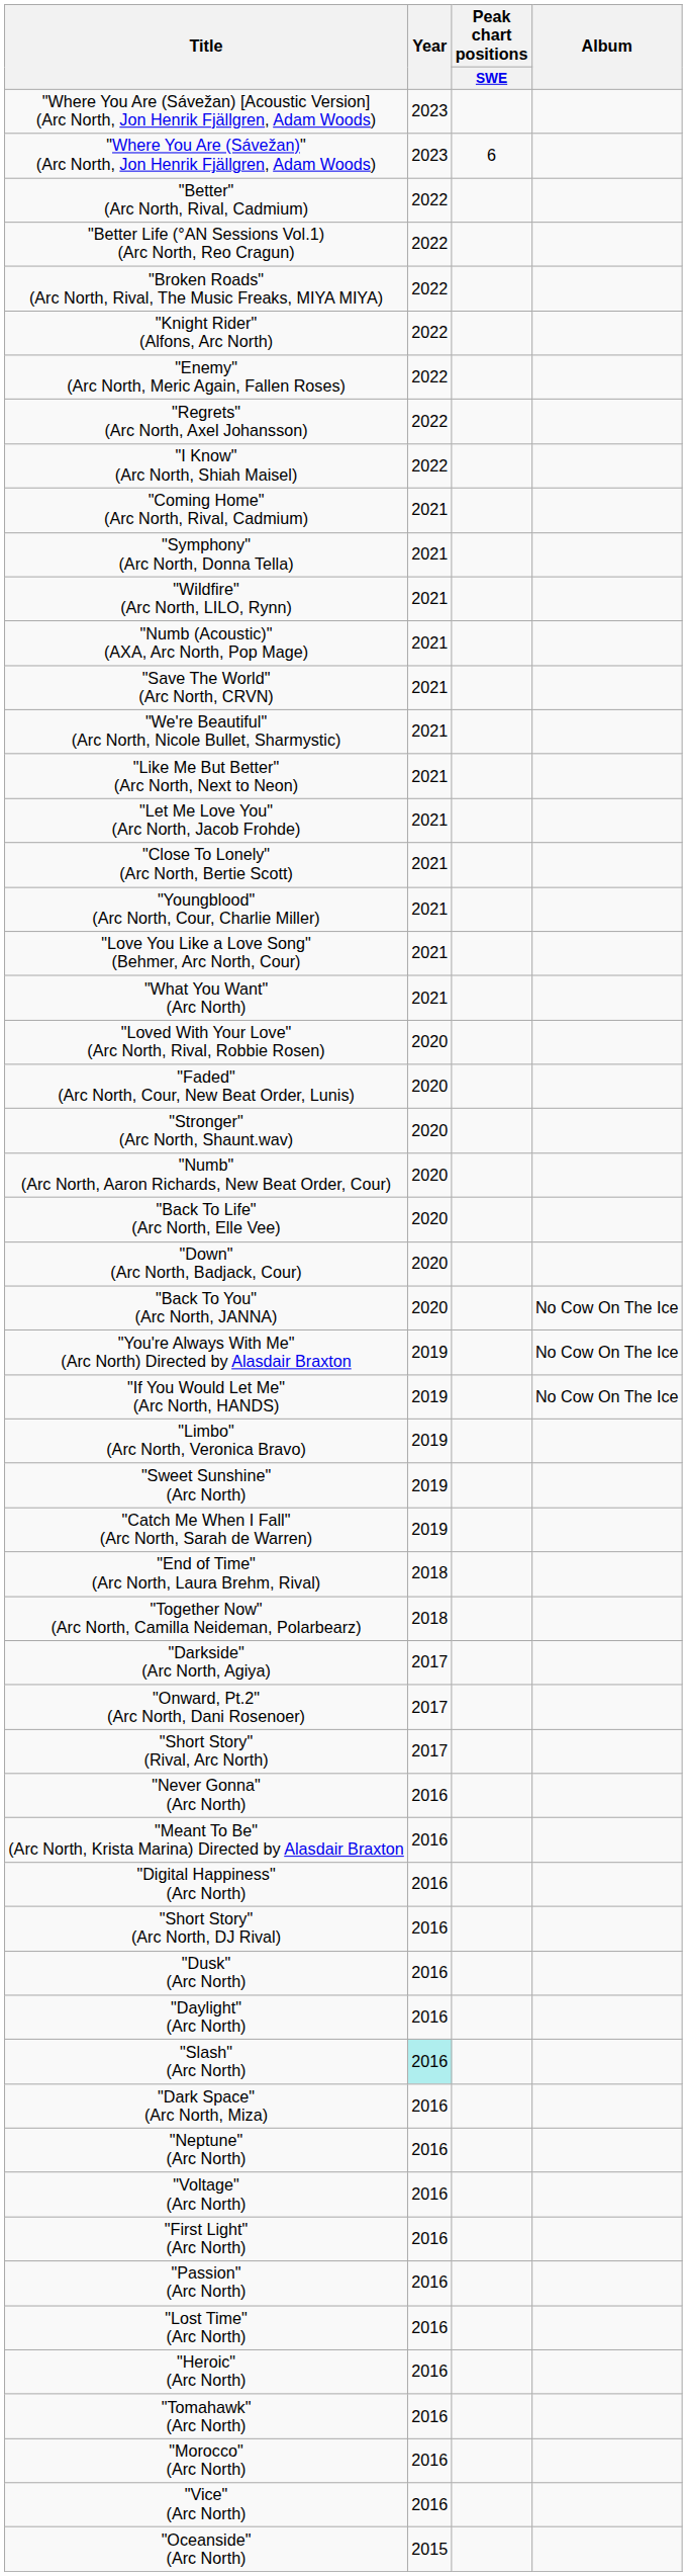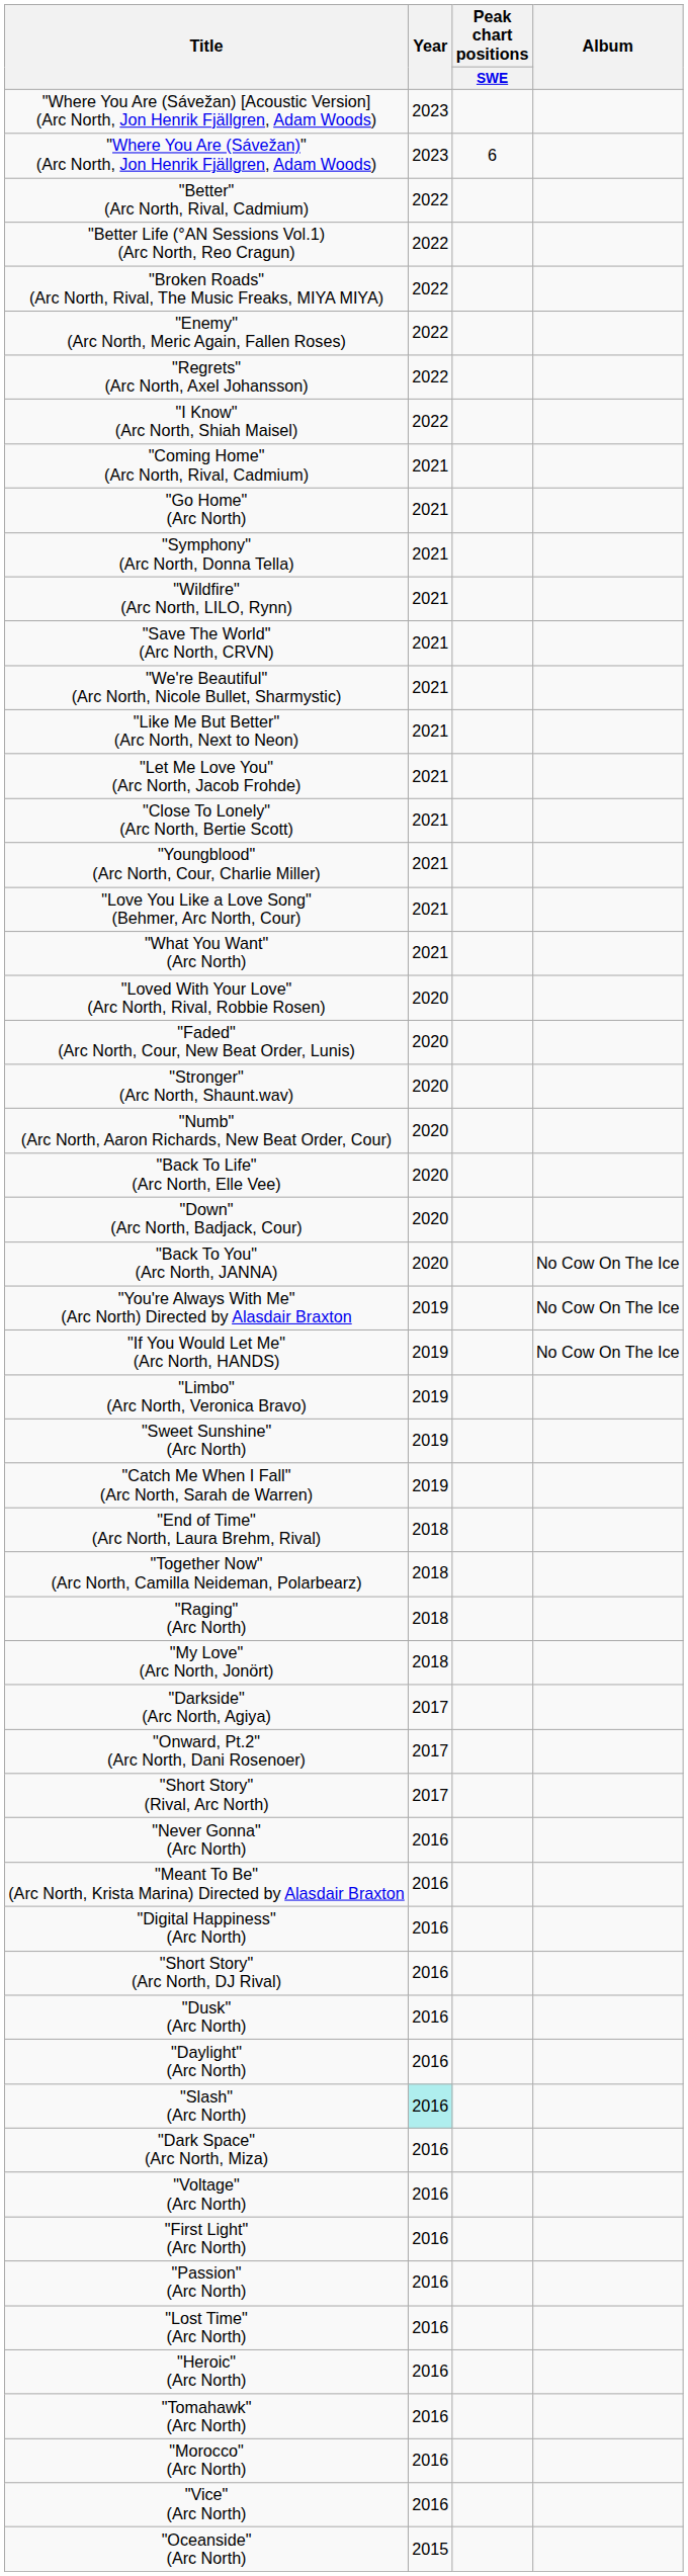 <table class="wikitable sortable plainrowheaders" style="text-align:center;">
 <tr>
 <th scope="col" rowspan="2">Title</th>
 <th scope="col" rowspan="2">Year</th>
 <th scope="col" colspan="1">Peak chart positions</th>
 <th scope="col" rowspan="2">Album</th>
 </tr>
 <tr>
 <th scope="col" style="width:3em;font-size:85%;"><a href='#'>SWE</a><br></th>
 </tr>
 <tr>
 <td>"Where You Are (Sávežan) [Acoustic Version]<br><span>(Arc North, <a href='#'>Jon Henrik Fjällgren</a>, <a href='#'>Adam Woods</a>)</span></td>
 <td>2023</td>
 <td></td>
 <td></td>
 </tr>
 <tr>
 <td scope="row">"<a href='#'>Where You Are (Sávežan)</a>"<br><span>(Arc North, <a href='#'>Jon Henrik Fjällgren</a>, <a href='#'>Adam Woods</a>)</span></td>
 <td>2023</td>
 <td>6</td>
 <td></td>
 </tr>
 <tr>
 <td>"Better"<br><span>(Arc North, Rival, Cadmium)</span></td>
 <td>2022</td>
 <td></td>
 <td></td>
 </tr>
 <tr>
 <td>"Better Life (°AN Sessions Vol.1)<br><span>(Arc North, Reo Cragun)</span></td>
 <td>2022</td>
 <td></td>
 <td></td>
 </tr>
 <tr>
 <td>"Broken Roads"<br><span>(Arc North, Rival, The Music Freaks, MIYA MIYA)</span></td>
 <td>2022</td>
 <td></td>
 <td></td>
 </tr>
 <tr>
-<td>"Knight Rider"<br><span>(Alfons, Arc North)</span></td>
-<td>2022</td>
-<td></td>
-<td></td>
-</tr>
-<tr>
 <td>"Enemy"<br><span>(Arc North, Meric Again, Fallen Roses)</span></td>
 <td>2022</td>
 <td></td>
 <td></td>
 </tr>
 <tr>
 <td>"Regrets"<br><span>(Arc North, Axel Johansson)</span></td>
 <td>2022</td>
 <td></td>
 <td></td>
 </tr>
 <tr>
 <td>"I Know"<br><span>(Arc North, Shiah Maisel)</span></td>
 <td>2022</td>
 <td></td>
 <td></td>
 </tr>
 <tr>
 <td>"Coming Home"<br><span>(Arc North, Rival, Cadmium)</span></td>
 <td>2021</td>
 <td></td>
 <td></td>
 </tr>
 <tr>
+<td>"Go Home"<br><span>(Arc North)</span></td>
+<td>2021</td>
+<td></td>
+<td></td>
+</tr>
+<tr>
 <td>"Symphony"<br><span>(Arc North, Donna Tella)</span></td>
 <td>2021</td>
 <td></td>
 <td></td>
 </tr>
 <tr>
 <td>"Wildfire"<br><span>(Arc North, LILO, Rynn)</span></td>
-<td>2021</td>
-<td></td>
-<td></td>
-</tr>
-<tr>
-<td>"Numb (Acoustic)"<br><span>(AXA, Arc North, Pop Mage)</span></td>
 <td>2021</td>
 <td></td>
 <td></td>
 </tr>
 <tr>
 <td>"Save The World"<br><span>(Arc North, CRVN)</span></td>
 <td>2021</td>
 <td></td>
 <td></td>
 </tr>
 <tr>
 <td>"We're Beautiful"<br><span>(Arc North, Nicole Bullet, Sharmystic)</span></td>
 <td>2021</td>
 <td></td>
 <td></td>
 </tr>
 <tr>
 <td>"Like Me But Better"<br><span>(Arc North, Next to Neon)</span></td>
 <td>2021</td>
 <td></td>
 <td></td>
 </tr>
 <tr>
 <td>"Let Me Love You"<br><span>(Arc North, Jacob Frohde)</span></td>
 <td>2021</td>
 <td></td>
 <td></td>
 </tr>
 <tr>
 <td>"Close To Lonely"<br><span>(Arc North, Bertie Scott)</span></td>
 <td>2021</td>
 <td></td>
 <td></td>
 </tr>
 <tr>
 <td>"Youngblood"<br><span>(Arc North, Cour, Charlie Miller)</span></td>
 <td>2021</td>
 <td></td>
 <td></td>
 </tr>
 <tr>
 <td>"Love You Like a Love Song"<br><span>(Behmer, Arc North, Cour)</span></td>
 <td>2021</td>
 <td></td>
 <td></td>
 </tr>
 <tr>
 <td>"What You Want"<br><span>(Arc North)</span></td>
 <td>2021</td>
 <td></td>
 <td></td>
 </tr>
 <tr>
 <td>"Loved With Your Love"<br><span>(Arc North, Rival, Robbie Rosen)</span></td>
 <td>2020</td>
 <td></td>
 <td></td>
 </tr>
 <tr>
 <td>"Faded"<br><span>(Arc North, Cour, New Beat Order, Lunis)</span></td>
 <td>2020</td>
 <td></td>
 <td></td>
 </tr>
 <tr>
 <td>"Stronger"<br><span>(Arc North, Shaunt.wav)</span></td>
 <td>2020</td>
 <td></td>
 <td></td>
 </tr>
 <tr>
 <td>"Numb"<br><span>(Arc North, Aaron Richards, New Beat Order, Cour)</span></td>
 <td>2020</td>
 <td></td>
 <td></td>
 </tr>
 <tr>
 <td>"Back To Life"<br><span>(Arc North, Elle Vee)</span></td>
 <td>2020</td>
 <td></td>
 <td></td>
 </tr>
 <tr>
 <td>"Down"<br><span>(Arc North, Badjack, Cour)</span></td>
 <td>2020</td>
 <td></td>
 <td></td>
 </tr>
 <tr>
 <td>"Back To You"<br><span>(Arc North, JANNA)</span></td>
 <td>2020</td>
 <td></td>
 <td>No Cow On The Ice</td>
 </tr>
 <tr>
 <td>"You're Always With Me"<br><span>(Arc North)  Directed by <a href='#'>Alasdair Braxton</a></span></td>
 <td>2019</td>
 <td></td>
 <td>No Cow On The Ice</td>
 </tr>
 <tr>
 <td>"If You Would Let Me"<br><span>(Arc North, HANDS)</span></td>
 <td>2019</td>
 <td></td>
 <td>No Cow On The Ice</td>
 </tr>
 <tr>
 <td>"Limbo"<br><span>(Arc North, Veronica Bravo)</span></td>
 <td>2019</td>
 <td></td>
 <td></td>
 </tr>
 <tr>
 <td>"Sweet Sunshine"<br><span>(Arc North)</span></td>
 <td>2019</td>
 <td></td>
 <td></td>
 </tr>
 <tr>
 <td>"Catch Me When I Fall"<br><span>(Arc North, Sarah de Warren)</span></td>
 <td>2019</td>
 <td></td>
 <td></td>
 </tr>
 <tr>
 <td>"End of Time"<br><span>(Arc North, Laura Brehm, Rival)</span></td>
 <td>2018</td>
 <td></td>
 <td></td>
 </tr>
 <tr>
 <td>"Together Now"<br><span>(Arc North, Camilla Neideman, Polarbearz)</span></td>
 <td>2018</td>
 <td></td>
 <td></td>
 </tr>
 <tr>
+<td>"Raging"<br><span>(Arc North)</span></td>
+<td>2018</td>
+<td></td>
+<td></td>
+</tr>
+<tr>
+<td>"My Love"<br><span>(Arc North, Jonört)</span></td>
+<td>2018</td>
+<td></td>
+<td></td>
+</tr>
+<tr>
 <td>"Darkside"<br><span>(Arc North, Agiya)</span></td>
 <td>2017</td>
 <td></td>
 <td></td>
 </tr>
 <tr>
 <td>"Onward, Pt.2"<br><span>(Arc North, Dani Rosenoer)</span></td>
 <td>2017</td>
 <td></td>
 <td></td>
 </tr>
 <tr>
 <td>"Short Story"<br><span>(Rival, Arc North)</span></td>
 <td>2017</td>
 <td></td>
 <td></td>
 </tr>
 <tr>
 <td>"Never Gonna"<br><span>(Arc North)</span></td>
 <td>2016</td>
 <td></td>
 <td></td>
 </tr>
 <tr>
 <td>"Meant To Be"<br><span>(Arc North, Krista Marina) Directed by <a href='#'>Alasdair Braxton</a></span></td>
 <td>2016</td>
 <td></td>
 <td></td>
 </tr>
 <tr>
 <td>"Digital Happiness"<br><span>(Arc North)</span></td>
 <td>2016</td>
 <td></td>
 <td></td>
 </tr>
 <tr>
 <td>"Short Story"<br><span>(Arc North, DJ Rival)</span></td>
 <td>2016</td>
 <td></td>
 <td></td>
 </tr>
 <tr>
 <td>"Dusk"<br><span>(Arc North)</span></td>
 <td>2016</td>
 <td></td>
 <td></td>
 </tr>
 <tr>
 <td>"Daylight"<br><span>(Arc North)</span></td>
 <td>2016</td>
 <td></td>
 <td></td>
 </tr>
 <tr>
 <td>"Slash"<br><span>(Arc North)</span></td>
 <td style="background: paleturquoise;">2016</td>
 <td></td>
 <td></td>
 </tr>
 <tr>
 <td>"Dark Space"<br><span>(Arc North, Miza)</span></td>
 <td>2016</td>
 <td></td>
 <td></td>
 </tr>
 <tr>
-<td>"Neptune"<br><span>(Arc North)</span></td>
-<td>2016</td>
-<td></td>
-<td></td>
-</tr>
-<tr>
 <td>"Voltage"<br><span>(Arc North)</span></td>
 <td>2016</td>
 <td></td>
 <td></td>
 </tr>
 <tr>
 <td>"First Light"<br><span>(Arc North)</span></td>
 <td>2016</td>
 <td></td>
 <td></td>
 </tr>
 <tr>
 <td>"Passion"<br><span>(Arc North)</span></td>
 <td>2016</td>
 <td></td>
 <td></td>
 </tr>
 <tr>
 <td>"Lost Time"<br><span>(Arc North)</span></td>
 <td>2016</td>
 <td></td>
 <td></td>
 </tr>
 <tr>
 <td>"Heroic"<br><span>(Arc North)</span></td>
 <td>2016</td>
 <td></td>
 <td></td>
 </tr>
 <tr>
 <td>"Tomahawk"<br><span>(Arc North)</span></td>
 <td>2016</td>
 <td></td>
 <td></td>
 </tr>
 <tr>
 <td>"Morocco"<br><span>(Arc North)</span></td>
 <td>2016</td>
 <td></td>
 <td></td>
 </tr>
 <tr>
 <td>"Vice"<br><span>(Arc North)</span></td>
 <td>2016</td>
 <td></td>
 <td></td>
 </tr>
 <tr>
 <td>"Oceanside"<br><span>(Arc North)</span></td>
 <td>2015</td>
 <td></td>
 <td></td>
 </tr>
 </table>
